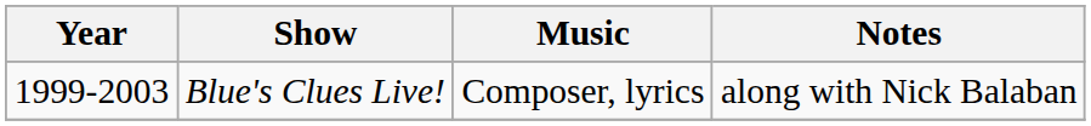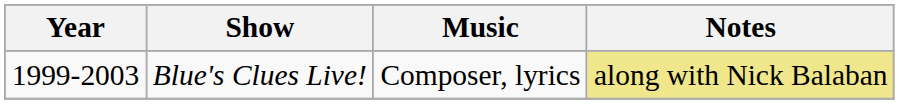 <table class="wikitable">
 <tr>
 <th>Year</th>
 <th>Show</th>
 <th>Music</th>
 <th>Notes</th>
 </tr>
 <tr>
 <td>1999-2003</td>
 <td><em>Blue's Clues Live!</em></td>
 <td>Composer, lyrics</td>
-<td>along with Nick Balaban</td>
+<td style="background: khaki;">along with Nick Balaban</td>
 </tr>
 <tr>
 </tr>
 </table>
